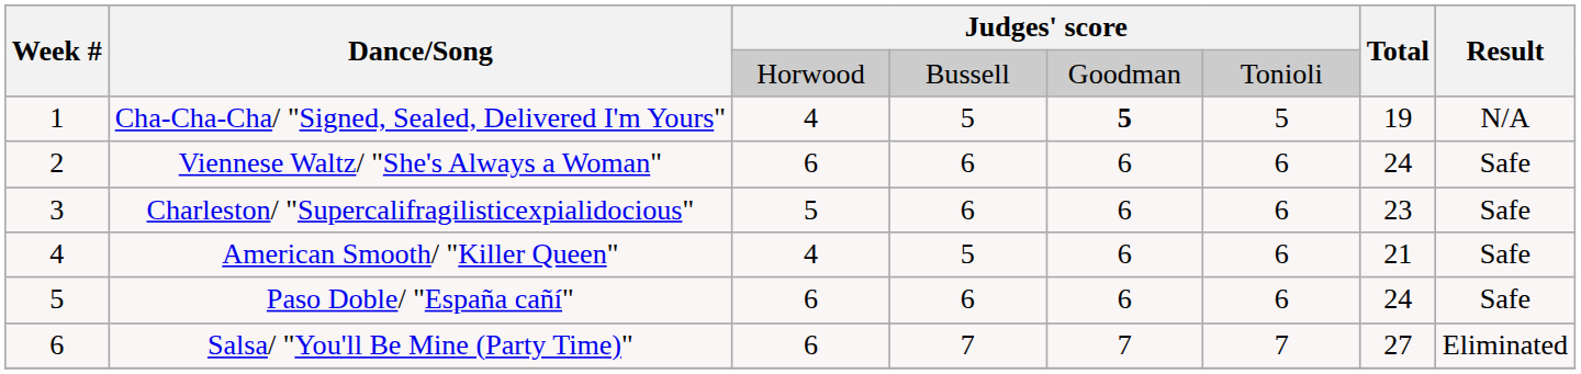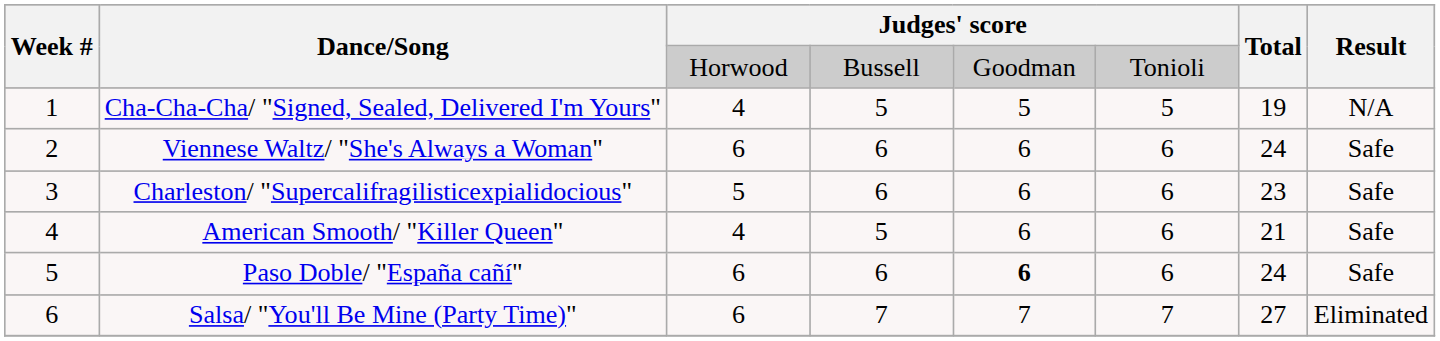 <table class="wikitable collapsible collapsed">
 <tr style="text-align:Center; background:#ccc;">
 <th rowspan="2">Week #</th>
 <th rowspan="2">Dance/Song</th>
 <th colspan="4">Judges' score</th>
 <th rowspan="2">Total</th>
 <th rowspan="2">Result</th>
 </tr>
 <tr style="text-align:center; background:#ccc;">
 <td style="width:10%; ">Horwood</td>
 <td style="width:10%; ">Bussell</td>
 <td style="width:10%; ">Goodman</td>
 <td style="width:10%; ">Tonioli</td>
 </tr>
 <tr style="text-align: center; background:#faf6f6;">
 <td>1</td>
 <td><a href='#'>Cha-Cha-Cha</a>/ "<a href='#'>Signed, Sealed, Delivered I'm Yours</a>"</td>
 <td>4</td>
 <td>5</td>
-<td><strong>5</strong></td>
+<td>5</td>
 <td>5</td>
 <td>19</td>
 <td>N/A</td>
 </tr>
 <tr style="text-align: center; background:#faf6f6;">
 <td>2</td>
 <td><a href='#'>Viennese Waltz</a>/ "<a href='#'>She's Always a Woman</a>"</td>
 <td>6</td>
 <td>6</td>
 <td>6</td>
 <td>6</td>
 <td>24</td>
 <td>Safe</td>
 </tr>
 <tr style="text-align: center; background:#faf6f6;">
 <td>3</td>
 <td><a href='#'>Charleston</a>/ "<a href='#'>Supercalifragilisticexpialidocious</a>"</td>
 <td>5</td>
 <td>6</td>
 <td>6</td>
 <td>6</td>
 <td>23</td>
 <td>Safe</td>
 </tr>
 <tr style="text-align: center; background:#faf6f6;">
 <td>4</td>
 <td><a href='#'>American Smooth</a>/ "<a href='#'>Killer Queen</a>"</td>
 <td>4</td>
 <td>5</td>
 <td>6</td>
 <td>6</td>
 <td>21</td>
 <td>Safe</td>
 </tr>
 <tr style="text-align:center; background:#faf6f6;">
 <td>5</td>
 <td><a href='#'>Paso Doble</a>/ "<a href='#'>España cañí</a>"</td>
 <td>6</td>
 <td>6</td>
-<td>6</td>
+<td><strong>6</strong></td>
 <td>6</td>
 <td>24</td>
 <td>Safe</td>
 </tr>
 <tr style="text-align: center; background:#faf6f6;">
 <td>6</td>
 <td><a href='#'>Salsa</a>/ "<a href='#'>You'll Be Mine (Party Time)</a>"</td>
 <td>6</td>
 <td>7</td>
 <td>7</td>
 <td>7</td>
 <td>27</td>
 <td>Eliminated</td>
 </tr>
 <tr>
 </tr>
 </table>
